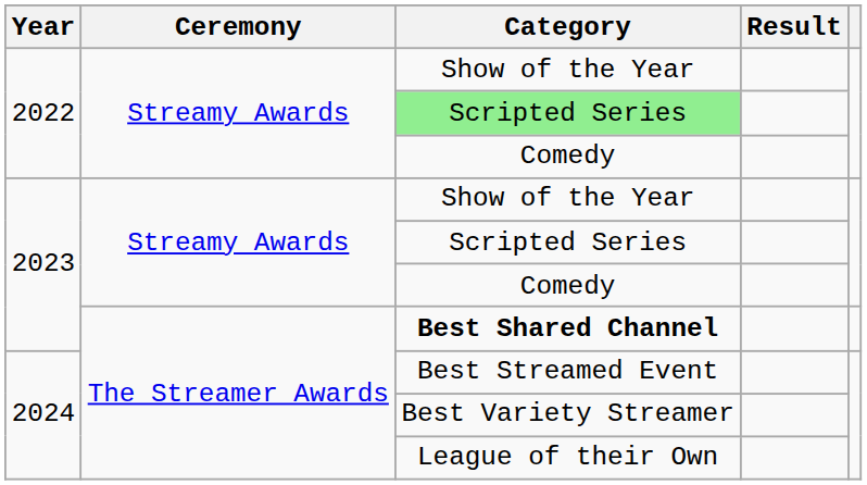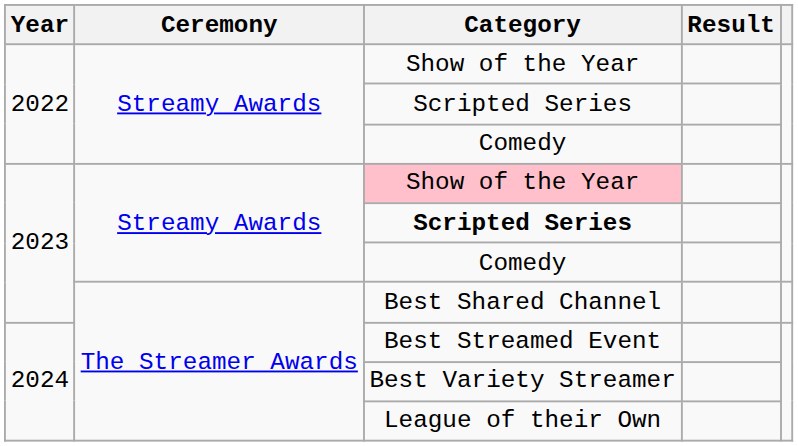 <table class="wikitable" style="text-align:center;">
 <tr>
 <th>Year</th>
 <th>Ceremony</th>
 <th>Category</th>
 <th>Result</th>
 <th></th>
 </tr>
 <tr>
 <td rowspan="3">2022</td>
 <td rowspan="3"><a href='#'>Streamy Awards</a></td>
 <td>Show of the Year</td>
 <td></td>
 <td rowspan="3"></td>
 </tr>
 <tr>
-<td style="background: lightgreen;">Scripted Series</td>
+<td>Scripted Series</td>
 <td></td>
 </tr>
 <tr>
 <td>Comedy</td>
 <td></td>
 </tr>
 <tr>
 <td rowspan="4">2023</td>
 <td rowspan="3"><a href='#'>Streamy Awards</a></td>
-<td>Show of the Year</td>
+<td style="background: pink;">Show of the Year</td>
 <td></td>
 <td rowspan="3"></td>
 </tr>
 <tr>
-<td>Scripted Series</td>
+<td><strong>Scripted Series</strong></td>
 <td></td>
 </tr>
 <tr>
 <td>Comedy</td>
 <td></td>
 </tr>
 <tr>
 <td rowspan="4"><a href='#'>The Streamer Awards</a></td>
-<td><strong>Best Shared Channel</strong></td>
+<td>Best Shared Channel</td>
 <td></td>
 <td></td>
 </tr>
 <tr>
 <td rowspan="3">2024</td>
 <td>Best Streamed Event</td>
 <td></td>
 <td rowspan="3"></td>
 </tr>
 <tr>
 <td>Best Variety Streamer</td>
 <td></td>
 </tr>
 <tr>
 <td>League of their Own</td>
 <td></td>
 </tr>
 </table>
